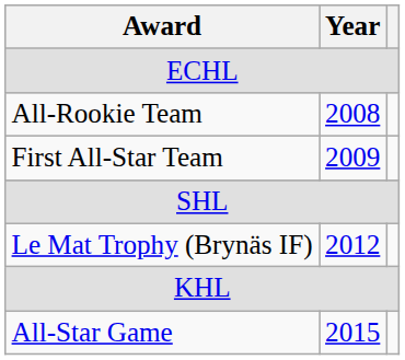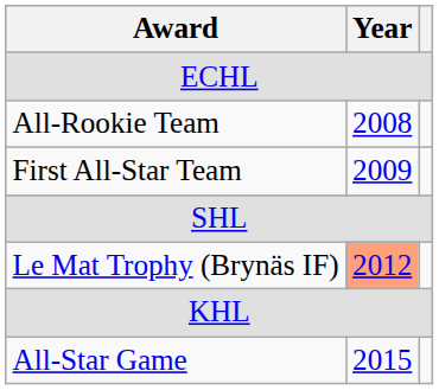 <table class="wikitable">
 <tr>
 <th>Award</th>
 <th>Year</th>
 <th></th>
 </tr>
 <tr ALIGN="center" bgcolor="#e0e0e0">
 <td colspan="3"><a href='#'>ECHL</a></td>
 </tr>
 <tr>
 <td>All-Rookie Team</td>
 <td><a href='#'>2008</a></td>
 <td></td>
 </tr>
 <tr>
 <td>First All-Star Team</td>
 <td><a href='#'>2009</a></td>
 <td></td>
 </tr>
 <tr ALIGN="center" bgcolor="#e0e0e0">
 <td colspan="3"><a href='#'>SHL</a></td>
 </tr>
 <tr>
 <td><a href='#'>Le Mat Trophy</a> (Brynäs IF)</td>
-<td><a href='#'>2012</a></td>
+<td style="background: lightsalmon;"><a href='#'>2012</a></td>
 <td></td>
 </tr>
 <tr ALIGN="center" bgcolor="#e0e0e0">
 <td colspan="3"><a href='#'>KHL</a></td>
 </tr>
 <tr>
 <td><a href='#'>All-Star Game</a></td>
 <td><a href='#'>2015</a></td>
 <td></td>
 </tr>
 </table>
